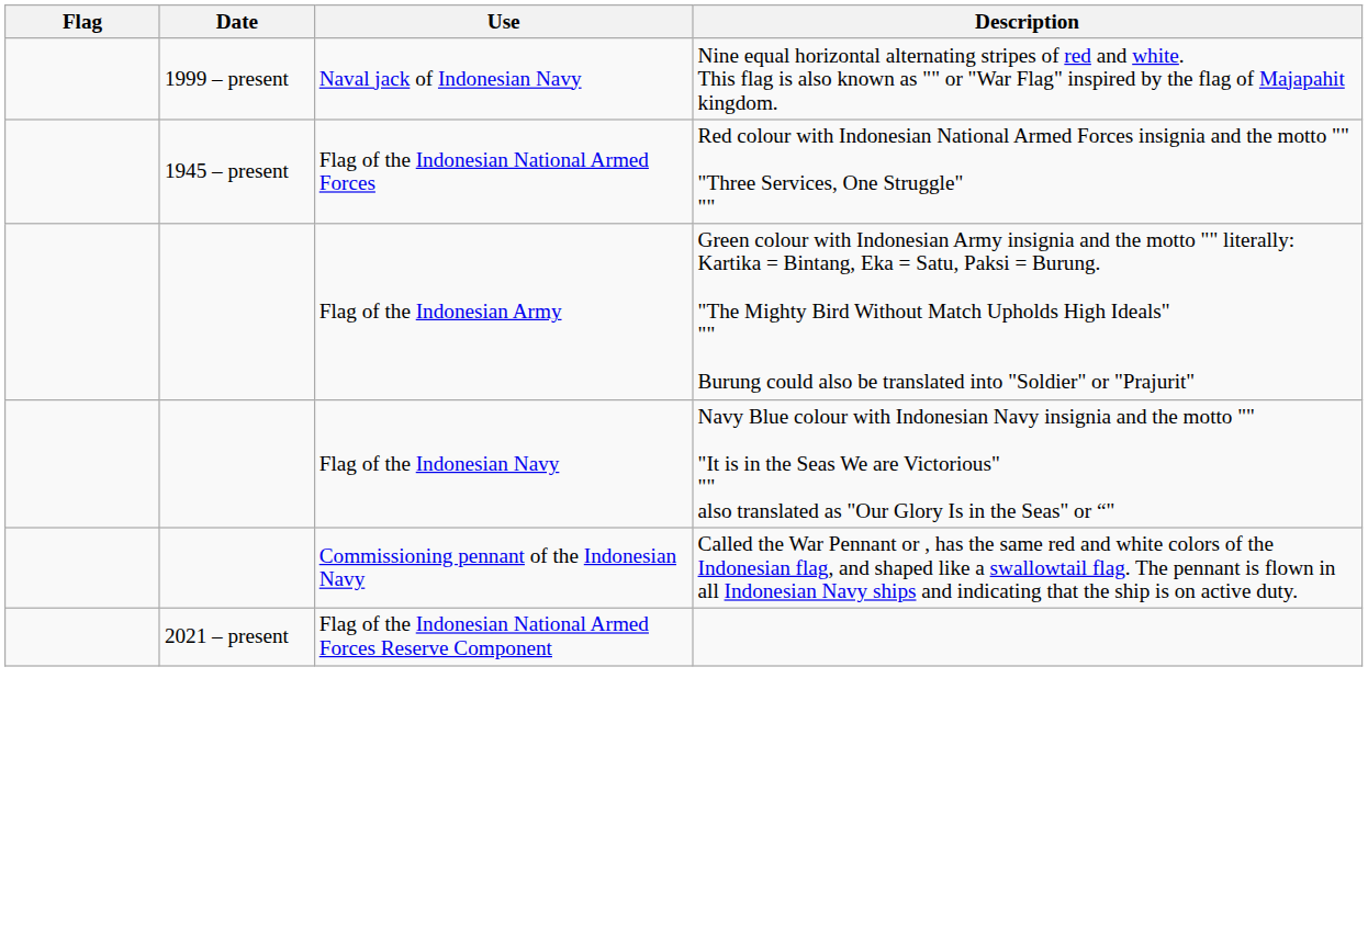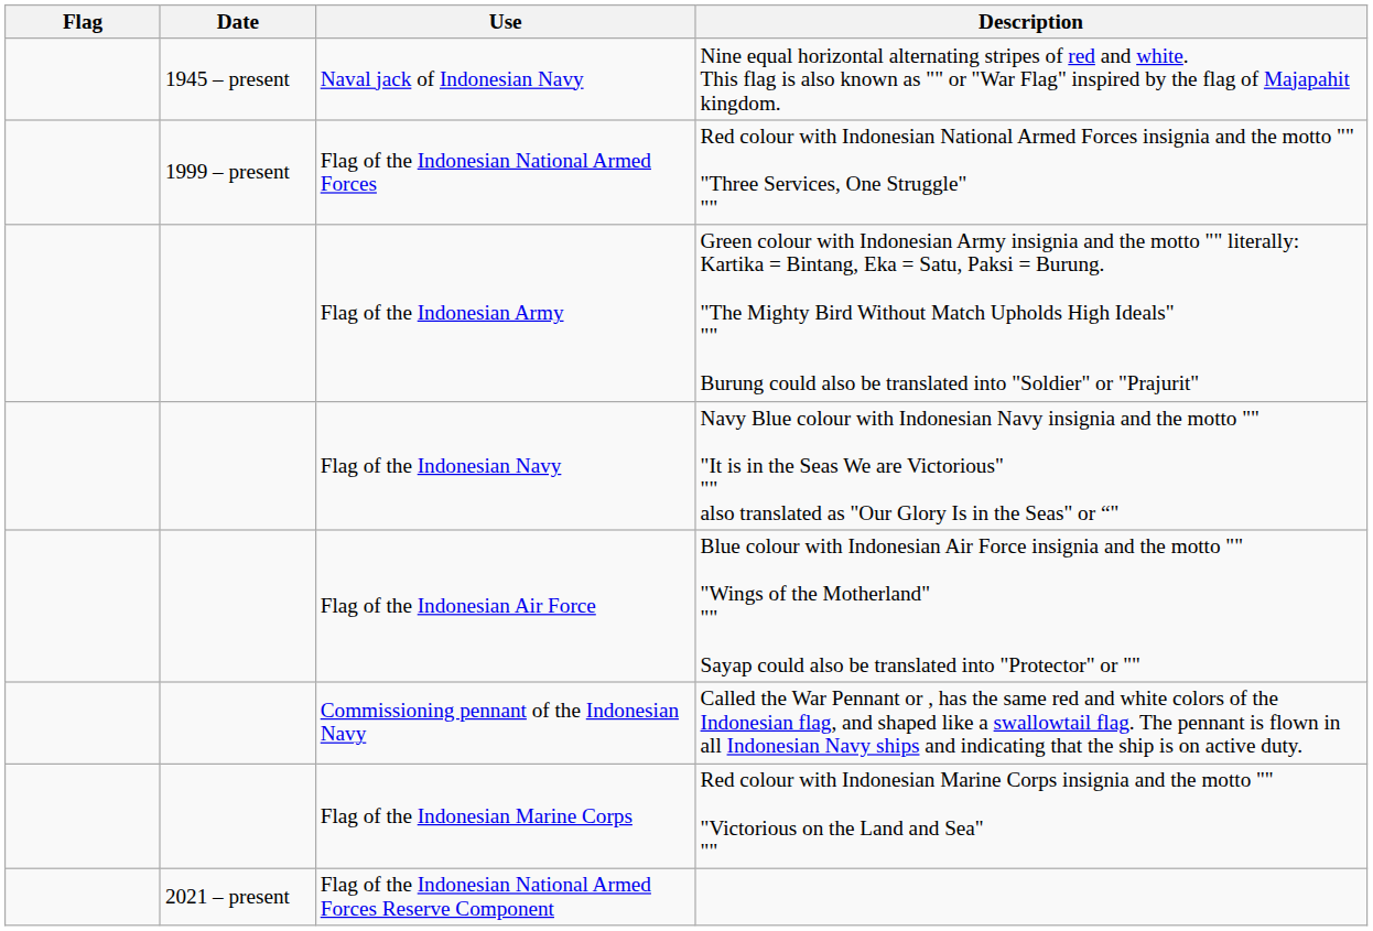 <table class="wikitable">
 <tr>
 <th style="width:110px;">Flag</th>
 <th style="width:110px;">Date</th>
 <th style="width:280px;">Use</th>
 <th style="width:500px;">Description</th>
 </tr>
 <tr>
 <td></td>
-<td>1999 – present</td>
+<td>1945 – present</td>
 <td><a href='#'>Naval jack</a> of <a href='#'>Indonesian Navy</a></td>
 <td>Nine equal horizontal alternating stripes of <a href='#'>red</a> and <a href='#'>white</a>.<br>This flag is also known as "" or "War Flag" inspired by the flag of <a href='#'>Majapahit</a> kingdom.</td>
 </tr>
 <tr>
 <td><br></td>
-<td>1945 – present</td>
+<td>1999 – present</td>
 <td>Flag of the <a href='#'>Indonesian National Armed Forces</a></td>
 <td>Red colour with Indonesian National Armed Forces insignia and the motto ""<br><br>"Three Services, One Struggle"<br> ""</td>
 </tr>
 <tr>
 <td><br></td>
 <td></td>
 <td>Flag of the <a href='#'>Indonesian Army</a></td>
 <td>Green colour with Indonesian Army insignia and the motto "" literally: Kartika = Bintang, Eka = Satu, Paksi = Burung.<br><br>"The Mighty Bird Without Match Upholds High Ideals"<br> ""<br><br>Burung could also be translated into "Soldier" or "Prajurit"</td>
 </tr>
 <tr>
 <td><br></td>
 <td></td>
 <td>Flag of the <a href='#'>Indonesian Navy</a></td>
 <td>Navy Blue colour with Indonesian Navy insignia and the motto ""<br><br>"It is in the Seas We are Victorious"<br> ""<br>also translated as "Our Glory Is in the Seas" or “"</td>
 </tr>
 <tr>
+<td><br></td>
+<td></td>
+<td>Flag of the <a href='#'>Indonesian Air Force</a></td>
+<td>Blue colour with Indonesian Air Force insignia and the motto ""<br><br>"Wings of the Motherland"<br> ""<br><br>Sayap could also be translated into "Protector" or ""</td>
+</tr>
+<tr>
 <td></td>
 <td></td>
 <td><a href='#'>Commissioning pennant</a> of the <a href='#'>Indonesian Navy</a></td>
 <td>Called the War Pennant or , has the same red and white colors of the <a href='#'>Indonesian flag</a>, and shaped like a <a href='#'>swallowtail flag</a>. The pennant is flown in all <a href='#'>Indonesian Navy ships</a> and indicating that the ship is on active duty.</td>
+</tr>
+<tr>
+<td><br></td>
+<td></td>
+<td>Flag of the <a href='#'>Indonesian Marine Corps</a></td>
+<td>Red colour with Indonesian Marine Corps insignia and the motto ""<br><br>"Victorious on the Land and Sea"<br> ""</td>
 </tr>
 <tr>
 <td></td>
 <td>2021 – present</td>
 <td>Flag of the <a href='#'>Indonesian National Armed Forces Reserve Component</a></td>
 <td></td>
 </tr>
 </table>
